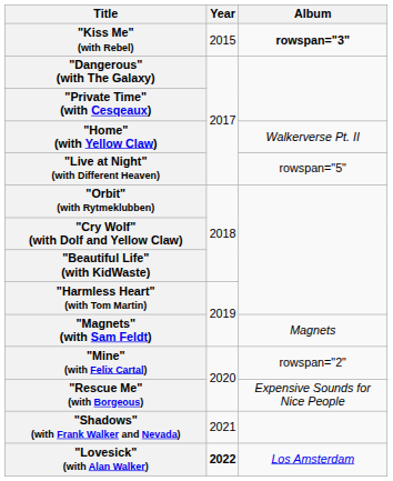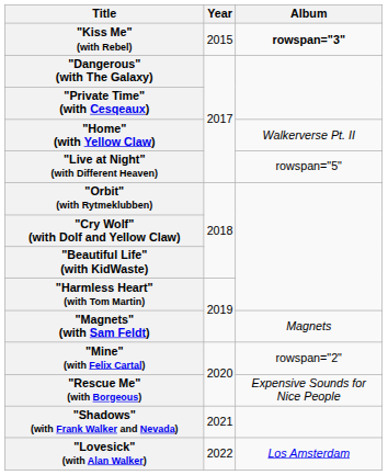 <table class="wikitable plainrowheaders" border="1" style="text-align:center;">
 <tr>
 <th scope="col" style="width:16.5em;">Title</th>
 <th scope="col" style="width:2em;">Year</th>
 <th scope="col" style="width:12em;">Album</th>
 </tr>
 <tr>
 <th scope="row">"Kiss Me" <br><small>(with Rebel)</small></th>
 <td>2015</td>
 <td><strong>rowspan="3" </strong></td>
 </tr>
 <tr>
 <th scope="row">"Dangerous"<br><span>(with The Galaxy)</span></th>
 <td rowspan="4">2017</td>
 </tr>
 <tr>
 <th scope="row">"Private Time"<br><span>(with <a href='#'>Cesqeaux</a>)</span></th>
 </tr>
 <tr>
 <th scope="row">"Home"<br><span>(with <a href='#'>Yellow Claw</a>)</span></th>
 <td><em>Walkerverse Pt. II</em></td>
 </tr>
 <tr>
 <th scope="row">"Live at Night" <br><small>(with Different Heaven)</small></th>
 <td>rowspan="5" </td>
 </tr>
 <tr>
 <th scope="row">"Orbit" <br><small>(with Rytmeklubben)</small></th>
 <td rowspan="3">2018</td>
 </tr>
 <tr>
 <th scope="row">"Cry Wolf"<br><span>(with Dolf and Yellow Claw)</span></th>
 </tr>
 <tr>
 <th scope="row">"Beautiful Life"<br><span>(with KidWaste)</span></th>
 </tr>
 <tr>
 <th scope="row">"Harmless Heart" <br><small>(with Tom Martin)</small></th>
 <td rowspan="2">2019</td>
 </tr>
 <tr>
 <th scope="row">"Magnets" <br><span>(with <a href='#'>Sam Feldt</a>)</span></th>
 <td><em>Magnets</em></td>
 </tr>
 <tr>
 <th scope="row">"Mine" <br><small>(with <a href='#'>Felix Cartal</a>)</small></th>
 <td rowspan="2">2020</td>
 <td>rowspan="2" </td>
 </tr>
 <tr>
 <th scope="row">"Rescue Me" <br><small>(with <a href='#'>Borgeous</a>)</small></th>
 <td><em>Expensive Sounds for Nice People</em></td>
 </tr>
 <tr>
 <th scope="row">"Shadows" <br><small>(with <a href='#'>Frank Walker</a> and <a href='#'>Nevada</a>)</small></th>
 <td>2021</td>
 </tr>
 <tr>
 <th scope="row">"Lovesick" <br><small>(with <a href='#'>Alan Walker</a>)</small></th>
-<td><strong>2022</strong></td>
+<td>2022</td>
 <td><em><a href='#'>Los Amsterdam</a></em></td>
 </tr>
 </table>
